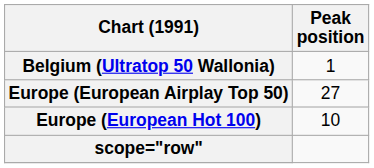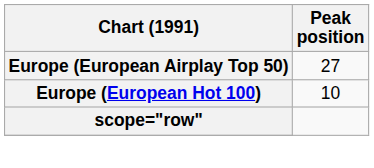 <table class="wikitable sortable plainrowheaders">
 <tr>
 <th>Chart (1991)</th>
 <th align="center">Peak<br>position</th>
-</tr>
-<tr>
-<th scope="row">Belgium (<a href='#'>Ultratop 50</a> Wallonia)</th>
-<td align="center">1</td>
 </tr>
 <tr>
 <th scope="row">Europe (European Airplay Top 50)</th>
 <td align="center">27</td>
 </tr>
 <tr>
 <th scope="row">Europe (<a href='#'>European Hot 100</a>)</th>
 <td align="center">10</td>
 </tr>
 <tr>
 <th>scope="row"</th>
 </tr>
 <tr>
 </tr>
 </table>
